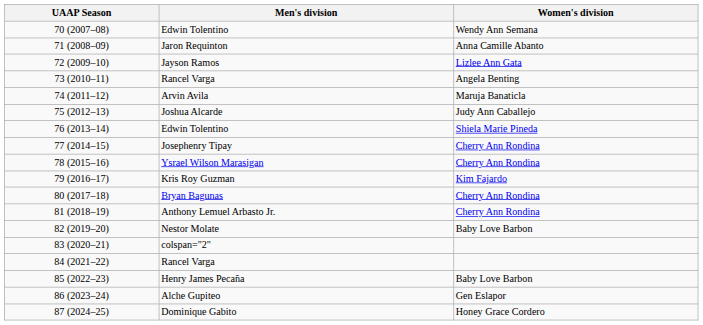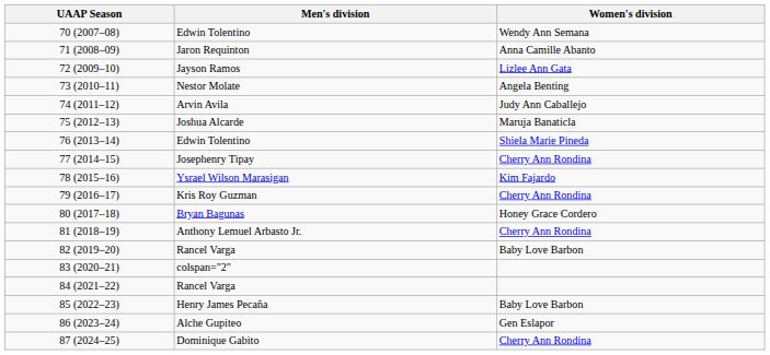 <table class="wikitable" width="50%" style="font-size:90%;">
 <tr>
 <th width=1.5%>UAAP Season</th>
 <th width=3.0%>Men's division</th>
 <th width=2.5%>Women's division</th>
 </tr>
 <tr>
 <td align=center>70 (2007–08)</td>
 <td> Edwin Tolentino</td>
 <td> Wendy Ann Semana</td>
 </tr>
 <tr>
 <td align=center>71 (2008–09)</td>
 <td> Jaron Requinton</td>
 <td> Anna Camille Abanto</td>
 </tr>
 <tr>
 <td align=center>72 (2009–10)</td>
 <td> Jayson Ramos</td>
 <td> <a href='#'>Lizlee Ann Gata</a></td>
 </tr>
 <tr>
 <td align=center>73 (2010–11)</td>
-<td> Rancel Varga</td>
+<td> Nestor Molate</td>
 <td> Angela Benting</td>
 </tr>
 <tr>
 <td align=center>74 (2011–12)</td>
 <td> Arvin Avila</td>
-<td> Maruja Banaticla</td>
+<td> Judy Ann Caballejo</td>
 </tr>
 <tr>
 <td align=center>75 (2012–13)</td>
 <td> Joshua Alcarde</td>
-<td> Judy Ann Caballejo</td>
+<td> Maruja Banaticla</td>
 </tr>
 <tr>
 <td align=center>76 (2013–14)</td>
 <td> Edwin Tolentino</td>
 <td> <a href='#'>Shiela Marie Pineda</a></td>
 </tr>
 <tr>
 <td align=center>77 (2014–15)</td>
 <td> Josephenry Tipay</td>
 <td> <a href='#'>Cherry Ann Rondina</a></td>
 </tr>
 <tr>
 <td align=center>78 (2015–16)</td>
 <td> <a href='#'>Ysrael Wilson Marasigan</a></td>
-<td> <a href='#'>Cherry Ann Rondina</a></td>
+<td> <a href='#'>Kim Fajardo</a></td>
 </tr>
 <tr>
 <td align=center>79 (2016–17)</td>
 <td> Kris Roy Guzman</td>
-<td> <a href='#'>Kim Fajardo</a></td>
+<td> <a href='#'>Cherry Ann Rondina</a></td>
 </tr>
 <tr>
 <td align=center>80 (2017–18)</td>
 <td> <a href='#'>Bryan Bagunas</a></td>
-<td> <a href='#'>Cherry Ann Rondina</a></td>
+<td> Honey Grace Cordero</td>
 </tr>
 <tr>
 <td align=center>81 (2018–19)</td>
 <td> Anthony Lemuel Arbasto Jr.</td>
 <td> <a href='#'>Cherry Ann Rondina</a></td>
 </tr>
 <tr>
 <td align=center>82 (2019–20)</td>
-<td> Nestor Molate</td>
+<td> Rancel Varga</td>
 <td> Baby Love Barbon</td>
 </tr>
 <tr>
 <td align=center>83 (2020–21)</td>
 <td>colspan="2" </td>
 </tr>
 <tr>
 <td align=center>84 (2021–22)</td>
 <td> Rancel Varga</td>
 <td></td>
 </tr>
 <tr>
 <td align=center>85 (2022–23)</td>
 <td> Henry James Pecaña</td>
 <td> Baby Love Barbon</td>
 </tr>
 <tr>
 <td align=center>86 (2023–24)</td>
 <td> Alche Gupiteo</td>
 <td> Gen Eslapor</td>
 </tr>
 <tr>
 <td align=center>87 (2024–25)</td>
 <td> Dominique Gabito</td>
-<td> Honey Grace Cordero</td>
+<td> <a href='#'>Cherry Ann Rondina</a></td>
 </tr>
 </table>
